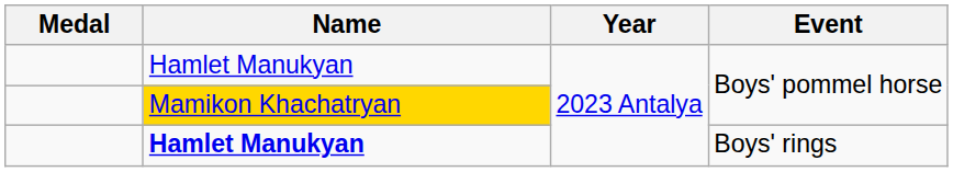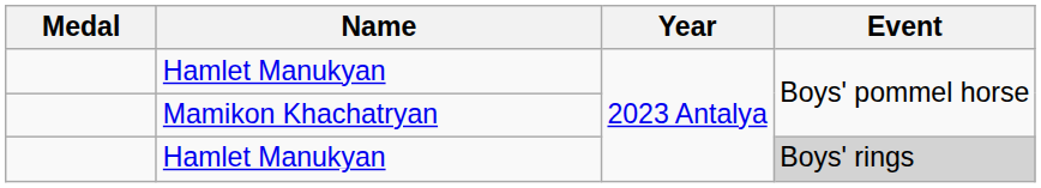 <table class="wikitable sortable">
 <tr>
 <th style="width:5em;">Medal</th>
 <th width=250>Name</th>
 <th>Year</th>
 <th>Event</th>
 </tr>
 <tr>
 <td></td>
 <td><a href='#'>Hamlet Manukyan</a></td>
 <td rowspan="3"> <a href='#'>2023 Antalya</a></td>
 <td rowspan="2">Boys' pommel horse</td>
 </tr>
 <tr>
 <td></td>
-<td style="background: gold;"><a href='#'>Mamikon Khachatryan</a></td>
+<td><a href='#'>Mamikon Khachatryan</a></td>
 </tr>
 <tr>
 <td></td>
-<td><strong><a href='#'>Hamlet Manukyan</a></strong></td>
-<td>Boys' rings</td>
+<td><a href='#'>Hamlet Manukyan</a></td>
+<td style="background: lightgrey;">Boys' rings</td>
 </tr>
 </table>
